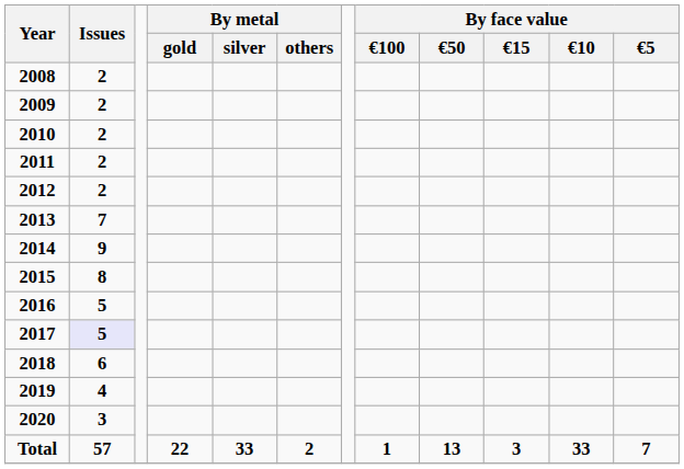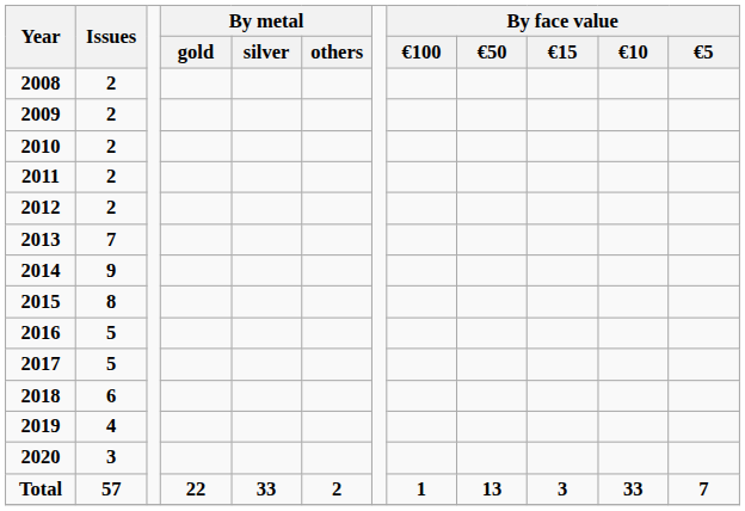 <table class="wikitable" style="text-align: center;">
 <tr>
 <th rowspan=2  width=50px>Year</th>
 <th rowspan=2  width=50px>Issues</th>
 <td rowspan=16> </td>
 <th colspan=3>By metal</th>
 <td rowspan=16> </td>
 <th colspan=6>By face value</th>
 </tr>
 <tr>
 <th width=50px>gold</th>
 <th width=50px>silver</th>
 <th width=50px>others</th>
 <th width=50px>€100</th>
 <th width=50px>€50</th>
 <th width=50px>€15</th>
 <th width=50px>€10</th>
 <th width=50px>€5</th>
 </tr>
 <tr>
 <td style="text-align: center;"><strong>2008</strong></td>
 <td><strong>2</strong></td>
 <td></td>
 <td></td>
 <td></td>
 <td></td>
 <td></td>
 <td></td>
 <td></td>
 <td></td>
 </tr>
 <tr>
 <td style="text-align: center;"><strong>2009</strong></td>
 <td><strong>2</strong></td>
 <td></td>
 <td></td>
 <td></td>
 <td></td>
 <td></td>
 <td></td>
 <td></td>
 <td></td>
 </tr>
 <tr>
 <td style="text-align: center;"><strong>2010</strong></td>
 <td><strong>2</strong></td>
 <td></td>
 <td></td>
 <td></td>
 <td></td>
 <td></td>
 <td></td>
 <td></td>
 <td></td>
 </tr>
 <tr>
 <td style="text-align: center;"><strong>2011</strong></td>
 <td><strong>2</strong></td>
 <td></td>
 <td></td>
 <td></td>
 <td></td>
 <td></td>
 <td></td>
 <td></td>
 <td></td>
 </tr>
 <tr>
 <td style="text-align: center;"><strong>2012</strong></td>
 <td><strong>2</strong></td>
 <td></td>
 <td></td>
 <td></td>
 <td></td>
 <td></td>
 <td></td>
 <td></td>
 <td></td>
 </tr>
 <tr>
 <td style="text-align: center;"><strong>2013</strong></td>
 <td><strong>7</strong></td>
 <td></td>
 <td></td>
 <td></td>
 <td></td>
 <td></td>
 <td></td>
 <td></td>
 <td></td>
 </tr>
 <tr>
 <td style="text-align: center;"><strong>2014</strong></td>
 <td><strong>9</strong></td>
 <td></td>
 <td></td>
 <td></td>
 <td></td>
 <td></td>
 <td></td>
 <td></td>
 <td></td>
 </tr>
 <tr>
 <td style="text-align: center;"><strong>2015</strong></td>
 <td><strong>8</strong></td>
 <td></td>
 <td></td>
 <td></td>
 <td></td>
 <td></td>
 <td></td>
 <td></td>
 <td></td>
 </tr>
 <tr>
 <td style="text-align: center;"><strong>2016</strong></td>
 <td><strong>5</strong></td>
 <td></td>
 <td></td>
 <td></td>
 <td></td>
 <td></td>
 <td></td>
 <td></td>
 <td></td>
 </tr>
 <tr>
 <td style="text-align: center;"><strong>2017</strong></td>
-<td style="background: lavender;"><strong>5</strong></td>
+<td><strong>5</strong></td>
 <td></td>
 <td></td>
 <td></td>
 <td></td>
 <td></td>
 <td></td>
 <td></td>
 <td></td>
 </tr>
 <tr>
 <td style="text-align: center;"><strong>2018</strong></td>
 <td><strong>6</strong></td>
 <td></td>
 <td></td>
 <td></td>
 <td></td>
 <td></td>
 <td></td>
 <td></td>
 <td></td>
 </tr>
 <tr>
 <td style="text-align: center;"><strong>2019</strong></td>
 <td><strong>4</strong></td>
 <td></td>
 <td></td>
 <td></td>
 <td></td>
 <td></td>
 <td></td>
 <td></td>
 <td></td>
 </tr>
 <tr>
 <td style="text-align: center;"><strong>2020</strong></td>
 <td><strong>3</strong></td>
 <td></td>
 <td></td>
 <td></td>
 <td></td>
 <td></td>
 <td></td>
 <td></td>
 <td></td>
 </tr>
 <tr>
 <td style="text-align: center;"><strong>Total</strong></td>
 <td><strong>57</strong></td>
 <td><strong>22</strong></td>
 <td><strong>33</strong></td>
 <td><strong>2</strong></td>
 <td><strong>1</strong></td>
 <td><strong>13</strong></td>
 <td><strong>3</strong></td>
 <td><strong>33</strong></td>
 <td><strong>7</strong></td>
 </tr>
 <tr>
 </tr>
 </table>
